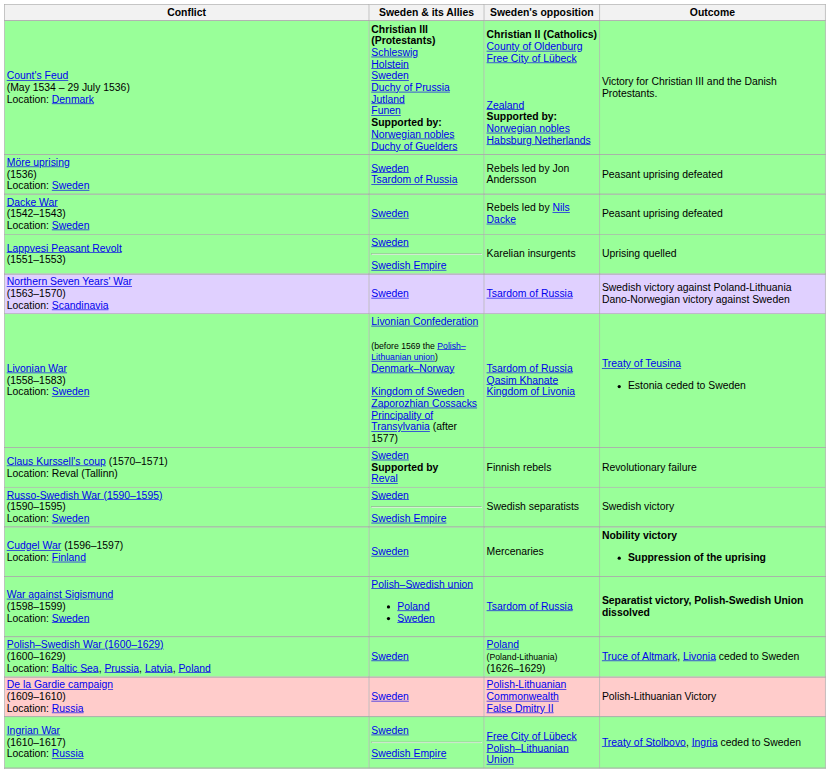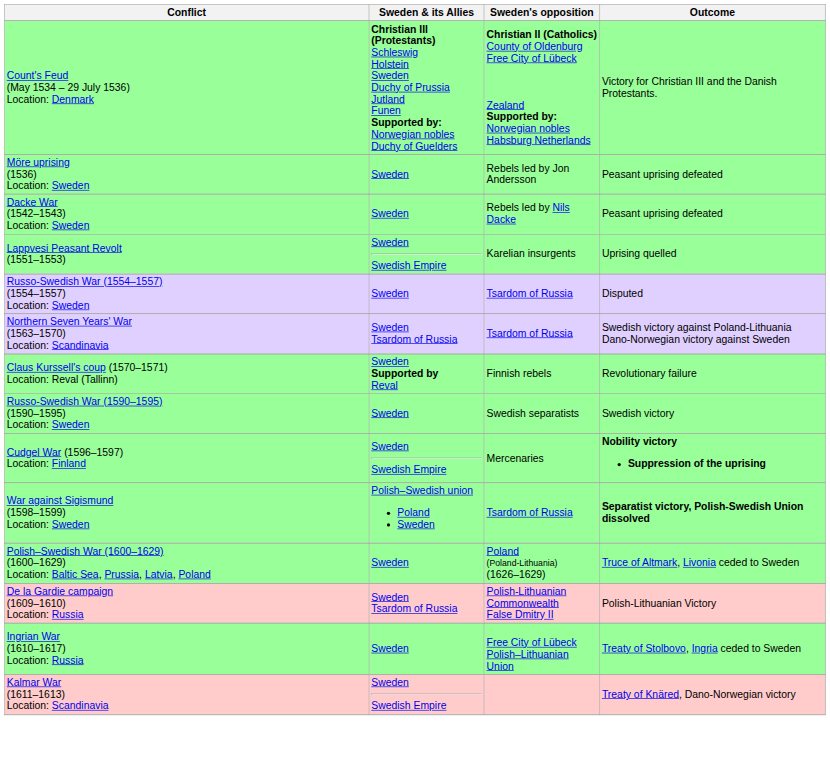 <table class="wikitable sortable" width="100%">
 <tr>
 <th rowspan="1">Conflict</th>
 <th rowspan="1" width=170px>Sweden & its Allies</th>
 <th rowspan="1" width=170px>Sweden's opposition</th>
 <th rowspan="1" width=340px>Outcome</th>
 </tr>
 <tr>
 </tr>
 <tr bgcolor="#99ff99">
 <td><a href='#'>Count's Feud</a><br>(May 1534 – 29 July 1536)<br>Location: <a href='#'>Denmark</a></td>
 <td><strong>Christian III (Protestants)</strong><br> <a href='#'>Schleswig</a><br> <a href='#'>Holstein</a><br> <a href='#'>Sweden</a><br> <a href='#'>Duchy of Prussia</a><br><a href='#'>Jutland</a><br><a href='#'>Funen</a><br><strong>Supported by:</strong><br> <a href='#'>Norwegian nobles</a><br> <a href='#'>Duchy of Guelders</a><br></td>
 <td><strong>Christian II (Catholics)</strong><br> <a href='#'>County of Oldenburg</a><br> <a href='#'>Free City of Lübeck</a><br><br><br><br><a href='#'>Zealand</a><br> <strong>Supported by:</strong><br> <a href='#'>Norwegian nobles</a><br> <a href='#'>Habsburg Netherlands</a></td>
 <td>Victory for Christian III and the Danish Protestants.</td>
 </tr>
 <tr>
 </tr>
 <tr bgcolor="#99ff99">
 <td><a href='#'>Möre uprising</a><br>(1536)<br>Location: <a href='#'>Sweden</a></td>
-<td> <a href='#'>Sweden</a><br> <a href='#'>Tsardom of Russia</a></td>
+<td> <a href='#'>Sweden</a></td>
 <td>Rebels led by Jon Andersson</td>
 <td>Peasant uprising defeated</td>
 </tr>
 <tr>
 </tr>
 <tr bgcolor="#99ff99">
 <td><a href='#'>Dacke War</a><br>(1542–1543)<br>Location: <a href='#'>Sweden</a></td>
 <td> <a href='#'>Sweden</a></td>
 <td>Rebels led by <a href='#'>Nils Dacke</a></td>
 <td>Peasant uprising defeated</td>
 </tr>
 <tr bgcolor="#99ff99">
 <td><a href='#'>Lappvesi Peasant Revolt</a><br> (1551–1553)</td>
 <td> <a href='#'>Sweden</a><hr> <a href='#'>Swedish Empire</a></td>
 <td>Karelian insurgents</td>
 <td>Uprising quelled</td>
 </tr>
 <tr>
 </tr>
+<tr bgcolor="#E0D0FF">
+<td><a href='#'>Russo-Swedish War (1554–1557)</a><br>(1554–1557)<br>Location: <a href='#'>Sweden</a></td>
+<td> <a href='#'>Sweden</a></td>
+<td> <a href='#'>Tsardom of Russia</a></td>
+<td>Disputed</td>
+</tr>
 <tr>
 </tr>
 <tr bgcolor="#E0D0FF">
 <td><a href='#'>Northern Seven Years' War</a><br>(1563–1570)<br>Location: <a href='#'>Scandinavia</a></td>
-<td> <a href='#'>Sweden</a></td>
+<td> <a href='#'>Sweden</a><br> <a href='#'>Tsardom of Russia</a></td>
 <td> <a href='#'>Tsardom of Russia</a></td>
 <td>Swedish victory against Poland-Lithuania <br> Dano-Norwegian victory against Sweden</td>
-</tr>
-<tr bgcolor="#99ff99">
-<td><a href='#'>Livonian War</a><br>(1558–1583)<br>Location: <a href='#'>Sweden</a></td>
-<td> <a href='#'>Livonian Confederation</a><br><br><small>(before 1569 the <a href='#'>Polish–Lithuanian union</a>)</small><br> <a href='#'>Denmark–Norway</a><br><br> <a href='#'>Kingdom of Sweden</a><br> <a href='#'>Zaporozhian Cossacks</a><br>  <a href='#'>Principality of Transylvania</a> (after 1577)</td>
-<td> <a href='#'>Tsardom of Russia</a><br><a href='#'>Qasim Khanate</a><br> <a href='#'>Kingdom of Livonia</a></td>
-<td><a href='#'>Treaty of Teusina</a><br><ul><li>Estonia ceded to Sweden</li></ul></td>
 </tr>
 <tr>
 </tr>
 <tr bgcolor="#99ff99">
 <td><a href='#'>Claus Kurssell's coup</a> (1570–1571)<br>Location: Reval (Tallinn)</td>
 <td> <a href='#'>Sweden</a> <br> <strong>Supported by</strong><br> <a href='#'>Reval</a></td>
 <td>Finnish rebels</td>
 <td>Revolutionary failure</td>
 </tr>
 <tr bgcolor="#99ff99">
 <td><a href='#'>Russo-Swedish War (1590–1595)</a><br>(1590–1595)<br>Location: <a href='#'>Sweden</a></td>
-<td> <a href='#'>Sweden</a><hr> <a href='#'>Swedish Empire</a></td>
+<td> <a href='#'>Sweden</a></td>
 <td>Swedish separatists</td>
 <td>Swedish victory</td>
 </tr>
 <tr>
 </tr>
 <tr bgcolor="#99ff99">
 <td><a href='#'>Cudgel War</a> (1596–1597)<br>Location: <a href='#'>Finland</a></td>
-<td> <a href='#'>Sweden</a></td>
+<td> <a href='#'>Sweden</a><hr> <a href='#'>Swedish Empire</a></td>
 <td>Mercenaries</td>
 <td><strong>Nobility victory<br><ul><li>Suppression of the uprising</li></ul></strong></td>
 </tr>
 <tr>
 </tr>
 <tr bgcolor="#99ff99">
 <td><a href='#'>War against Sigismund</a><br>(1598–1599)<br>Location: <a href='#'>Sweden</a></td>
 <td> <a href='#'>Polish–Swedish union</a><br><ul><li> <a href='#'>Poland</a></li><li> <a href='#'>Sweden</a></li></ul></td>
 <td> <a href='#'>Tsardom of Russia</a></td>
 <td><strong>Separatist victory, Polish-Swedish Union dissolved</strong></td>
 </tr>
 <tr>
 </tr>
 <tr bgcolor="#99ff99">
 <td><a href='#'>Polish–Swedish War (1600–1629)</a><br>(1600–1629)<br>Location: <a href='#'>Baltic Sea</a>, <a href='#'>Prussia</a>, <a href='#'>Latvia</a>, <a href='#'>Poland</a></td>
 <td> <a href='#'>Sweden</a></td>
 <td> <a href='#'>Poland</a><br><small>(Poland-Lithuania)</small><br> (1626–1629)</td>
 <td><a href='#'>Truce of Altmark</a>, <a href='#'>Livonia</a> ceded to Sweden</td>
 </tr>
 <tr>
 </tr>
 <tr bgcolor="#FFCCCB">
 <td><a href='#'>De la Gardie campaign</a><br>(1609–1610)<br>Location: <a href='#'>Russia</a></td>
-<td> <a href='#'>Sweden</a></td>
+<td> <a href='#'>Sweden</a><br> <a href='#'>Tsardom of Russia</a></td>
 <td> <a href='#'>Polish-Lithuanian Commonwealth</a><br><a href='#'>False Dmitry II</a></td>
 <td>Polish-Lithuanian Victory</td>
 </tr>
 <tr>
 </tr>
 <tr bgcolor="#99ff99">
 <td><a href='#'>Ingrian War</a><br>(1610–1617)<br>Location: <a href='#'>Russia</a></td>
-<td> <a href='#'>Sweden</a><hr> <a href='#'>Swedish Empire</a></td>
+<td><a href='#'>Sweden</a></td>
 <td><br> <a href='#'>Free City of Lübeck</a><br> <a href='#'>Polish–Lithuanian Union</a></td>
 <td><a href='#'>Treaty of Stolbovo</a>, <a href='#'>Ingria</a> ceded to Sweden</td>
 </tr>
 <tr>
 </tr>
+<tr bgcolor="#FFCCCB">
+<td><a href='#'>Kalmar War</a><br>(1611–1613)<br>Location: <a href='#'>Scandinavia</a></td>
+<td> <a href='#'>Sweden</a><hr> <a href='#'>Swedish Empire</a></td>
+<td></td>
+<td><a href='#'>Treaty of Knäred</a>, Dano-Norwegian victory</td>
+</tr>
 <tr>
 </tr>
 </table>
